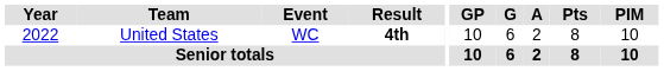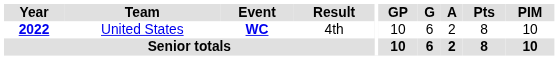 <table border="0" cellpadding="1" cellspacing="0" ID="Table3" style="text-align:center; width:40em;">
 <tr bgcolor="#e0e0e0">
 <th>Year</th>
 <th>Team</th>
 <th>Event</th>
 <th>Result</th>
 <th rowspan="98" bgcolor="#ffffff"></th>
 <th>GP</th>
 <th>G</th>
 <th>A</th>
 <th>Pts</th>
 <th>PIM</th>
 </tr>
 <tr>
-<td><a href='#'>2022</a></td>
+<td><strong><a href='#'>2022</a></strong></td>
 <td><a href='#'>United States</a></td>
-<td><a href='#'>WC</a></td>
-<td><strong>4th</strong></td>
+<td><strong><a href='#'>WC</a></strong></td>
+<td>4th</td>
 <td>10</td>
 <td>6</td>
 <td>2</td>
 <td>8</td>
 <td>10</td>
 </tr>
 <tr bgcolor="#e0e0e0">
 <th colspan="4">Senior totals</th>
 <th>10</th>
 <th>6</th>
 <th>2</th>
 <th>8</th>
 <th>10</th>
 </tr>
 </table>
